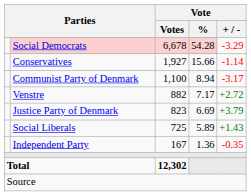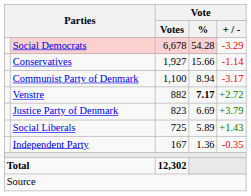 <table class="wikitable" style="text-align:right;">
 <tr>
 <th style="text-align:centre;" rowspan="2" colspan="2" width="225">Parties</th>
 <th colspan="3">Vote</th>
 </tr>
 <tr>
 <th width="15">Votes</th>
 <th width="15">%</th>
 <th width="15">+ / -</th>
 </tr>
 <tr>
 <td width="2" style="color:inherit;background:"></td>
 <td bgcolor=#fbd0ce  align="left"><a href='#'>Social Democrats</a></td>
 <td bgcolor=#fbd0ce>6,678</td>
 <td bgcolor=#fbd0ce>54.28</td>
 <td style=color:red;>-3.29</td>
 </tr>
 <tr>
 <td width="2" style="color:inherit;background:"></td>
 <td align="left"><a href='#'>Conservatives</a></td>
 <td>1,927</td>
 <td>15.66</td>
 <td style=color:red;>-1.14</td>
 </tr>
 <tr>
 <td width="2" style="color:inherit;background:"></td>
 <td align="left"><a href='#'>Communist Party of Denmark</a></td>
 <td>1,100</td>
 <td>8.94</td>
 <td style=color:red;>-3.17</td>
 </tr>
 <tr>
 <td width="2" style="color:inherit;background:"></td>
 <td align="left"><a href='#'>Venstre</a></td>
 <td>882</td>
-<td>7.17</td>
+<td><strong>7.17</strong></td>
 <td style=color:green;>+2.72</td>
 </tr>
 <tr>
 <td width="2" style="color:inherit;background:"></td>
 <td align="left"><a href='#'>Justice Party of Denmark</a></td>
 <td>823</td>
 <td>6.69</td>
 <td style=color:green;>+3.79</td>
 </tr>
 <tr>
 <td width="2" style="color:inherit;background:"></td>
 <td align="left"><a href='#'>Social Liberals</a></td>
 <td>725</td>
 <td>5.89</td>
 <td style=color:green;>+1.43</td>
 </tr>
 <tr>
 <td width="2" style="color:inherit;background:"></td>
 <td align="left"><a href='#'>Independent Party</a></td>
 <td>167</td>
 <td>1.36</td>
 <td style=color:red;>-0.35</td>
 </tr>
 <tr>
 <td colspan="7" bgcolor="#E9E9E9"></td>
 </tr>
 <tr>
 <td align="left" colspan="2"><strong>Total</strong></td>
 <td><strong>12,302</strong></td>
 <td bgcolor="#E9E9E9" colspan="2"></td>
 </tr>
 <tr>
 <td align="left" colspan="6">Source</td>
 </tr>
 </table>
